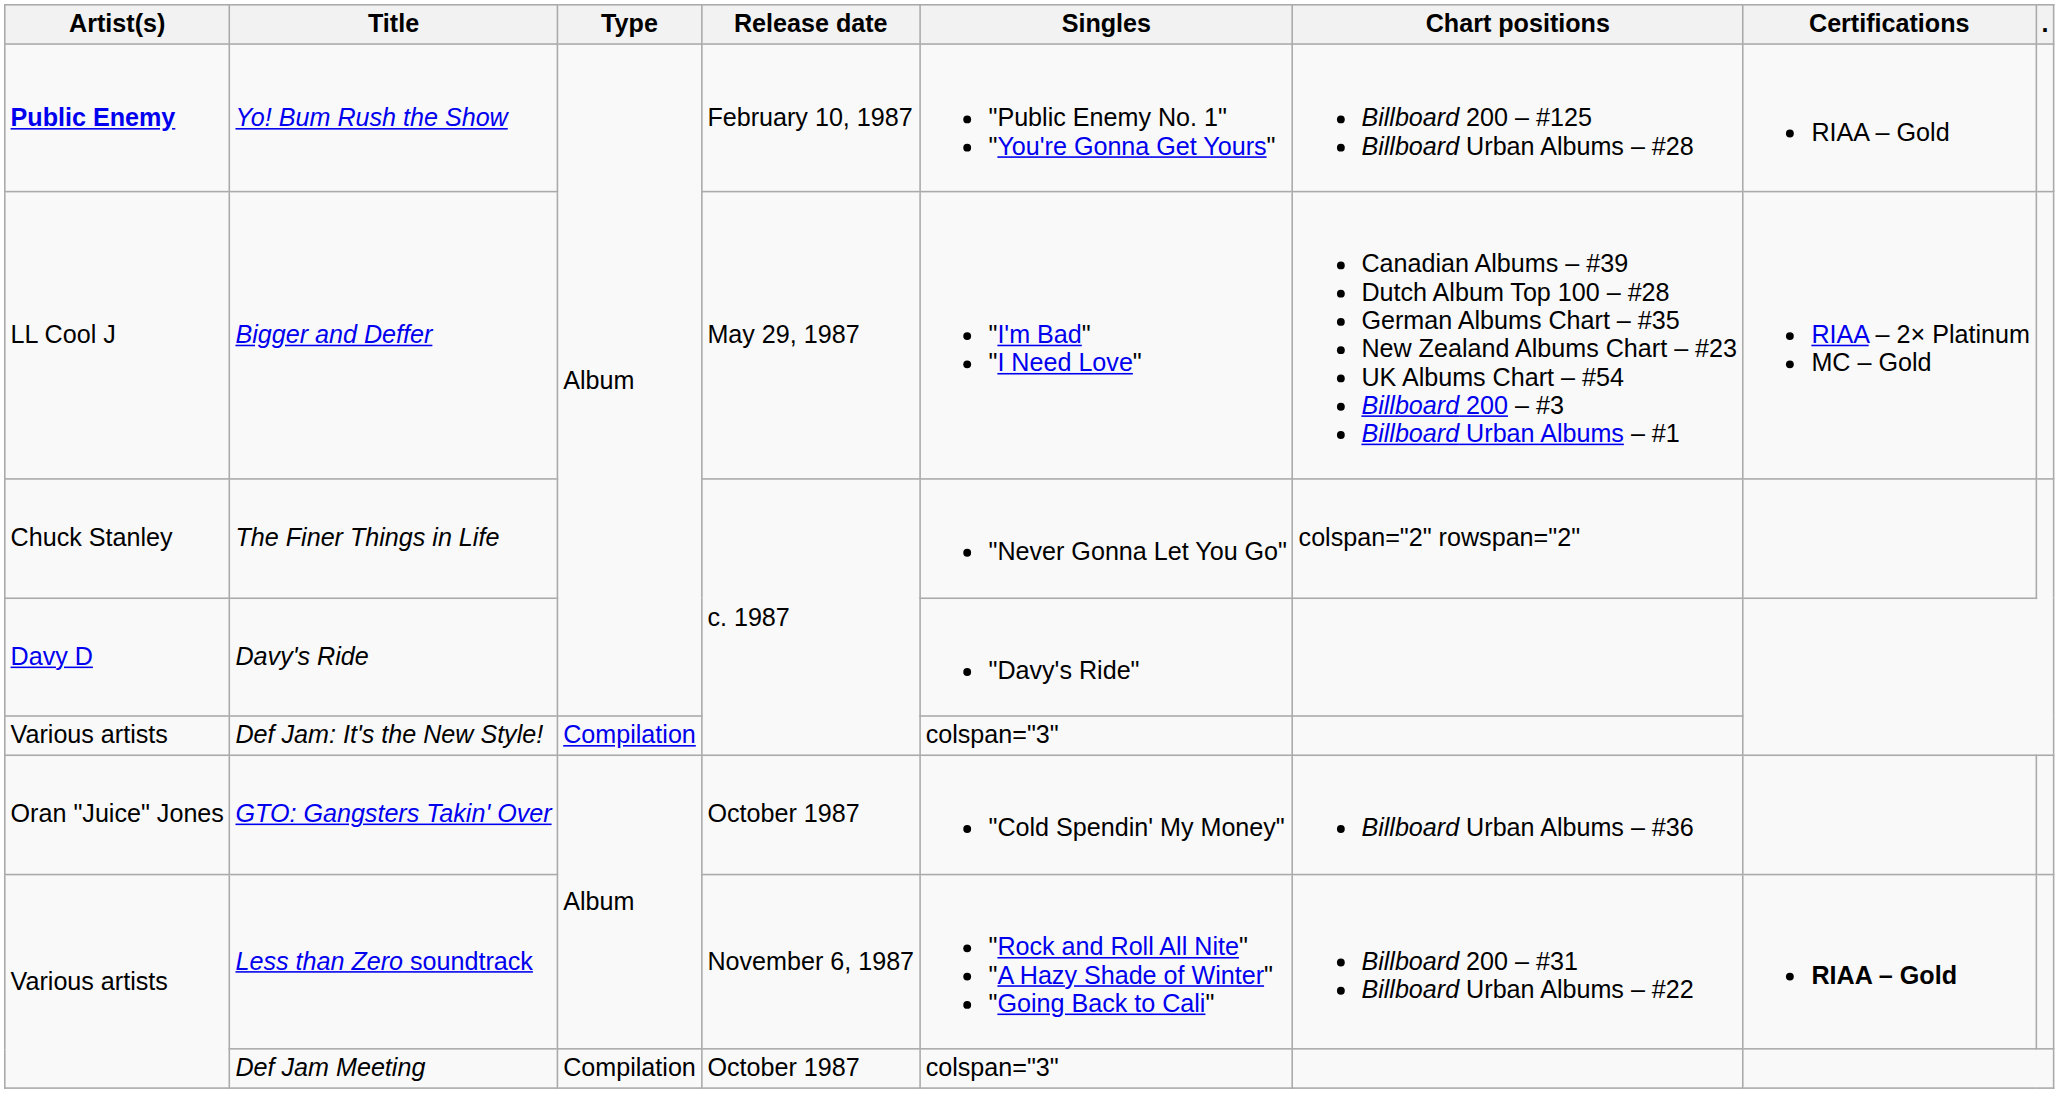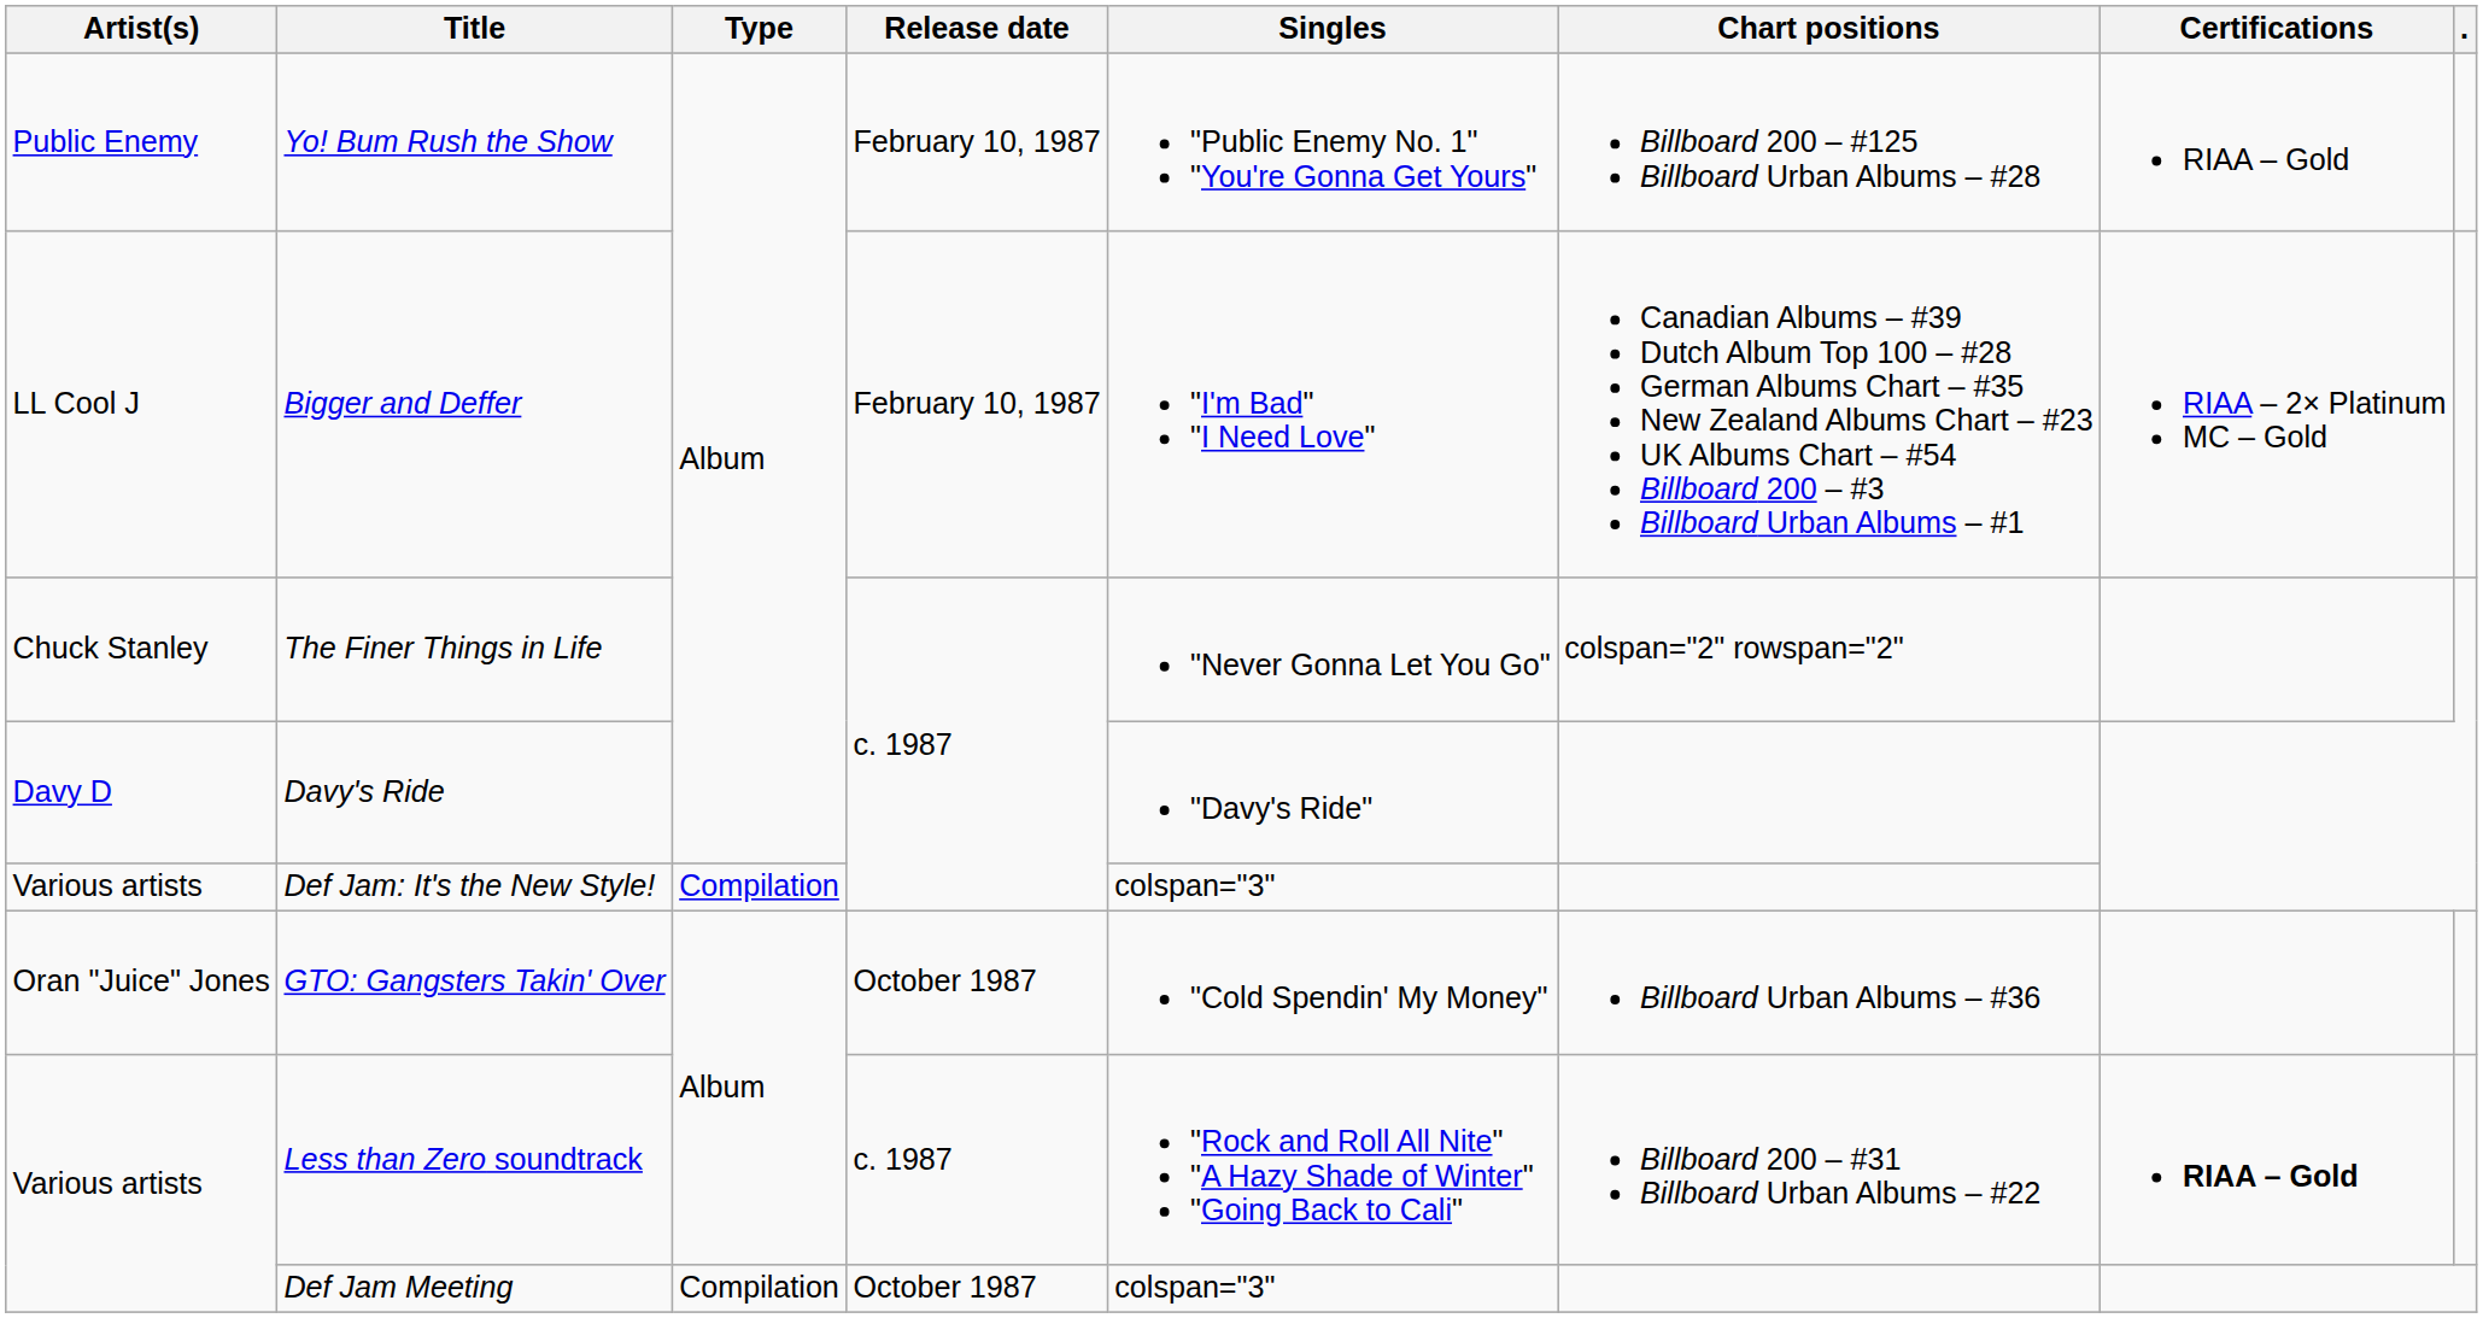 <table class="wikitable">
 <tr>
 <th>Artist(s)</th>
 <th>Title</th>
 <th>Type</th>
 <th>Release date</th>
 <th>Singles</th>
 <th>Chart positions</th>
 <th>Certifications</th>
 <th>.</th>
 </tr>
 <tr>
-<td><strong><a href='#'>Public Enemy</a></strong></td>
+<td><a href='#'>Public Enemy</a></td>
 <td><em><a href='#'>Yo! Bum Rush the Show</a></em></td>
 <td rowspan="4">Album</td>
 <td>February 10, 1987</td>
 <td><br><ul><li>"Public Enemy No. 1"</li><li>"<a href='#'>You're Gonna Get Yours</a>"</li></ul></td>
 <td><br><ul><li><em>Billboard</em> 200 – #125</li><li><em>Billboard</em> Urban Albums – #28</li></ul></td>
 <td><br><ul><li>RIAA – Gold</li></ul></td>
 <td></td>
 </tr>
 <tr>
 <td>LL Cool J</td>
 <td><em><a href='#'>Bigger and Deffer</a></em></td>
-<td>May 29, 1987</td>
+<td>February 10, 1987</td>
 <td><br><ul><li>"<a href='#'>I'm Bad</a>"</li><li>"<a href='#'>I Need Love</a>"</li></ul></td>
 <td><br><ul><li>Canadian Albums – #39</li><li>Dutch Album Top 100 – #28</li><li>German Albums Chart – #35</li><li>New Zealand Albums Chart – #23</li><li>UK Albums Chart – #54</li><li><a href='#'><em>Billboard</em> 200</a> – #3</li><li><a href='#'><em>Billboard</em> Urban Albums</a> – #1</li></ul></td>
 <td><br><ul><li><a href='#'>RIAA</a> – 2× Platinum</li><li>MC – Gold</li></ul></td>
 <td></td>
 </tr>
 <tr>
 <td>Chuck Stanley</td>
 <td><em>The Finer Things in Life</em></td>
 <td rowspan="3">c. 1987</td>
 <td><br><ul><li>"Never Gonna Let You Go"</li></ul></td>
 <td>colspan="2" rowspan="2" </td>
 <td></td>
 </tr>
 <tr>
 <td><a href='#'>Davy D</a></td>
 <td><em>Davy's Ride</em></td>
 <td><br><ul><li>"Davy's Ride"</li></ul></td>
 <td></td>
 </tr>
 <tr>
 <td>Various artists</td>
 <td><em>Def Jam: It's the New Style!</em></td>
 <td><a href='#'>Compilation</a></td>
 <td>colspan="3" </td>
 <td></td>
 </tr>
 <tr>
 <td>Oran "Juice" Jones</td>
 <td><em><a href='#'>GTO: Gangsters Takin' Over</a></em></td>
 <td rowspan="2">Album</td>
 <td>October 1987</td>
 <td><br><ul><li>"Cold Spendin' My Money"</li></ul></td>
 <td><br><ul><li><em>Billboard</em> Urban Albums – #36</li></ul></td>
 <td></td>
 <td></td>
 </tr>
 <tr>
 <td rowspan="2">Various artists</td>
 <td><a href='#'><em>Less than Zero</em> soundtrack</a></td>
-<td>November 6, 1987</td>
+<td>c. 1987</td>
 <td><br><ul><li>"<a href='#'>Rock and Roll All Nite</a>"</li><li>"<a href='#'>A Hazy Shade of Winter</a>"</li><li>"<a href='#'>Going Back to Cali</a>"</li></ul></td>
 <td><br><ul><li><em>Billboard</em> 200 – #31</li><li><em>Billboard</em> Urban Albums – #22</li></ul></td>
 <td><strong><br><ul><li>RIAA – Gold</li></ul></strong></td>
 <td></td>
 </tr>
 <tr>
 <td><em>Def Jam Meeting</em></td>
 <td>Compilation</td>
 <td>October 1987</td>
 <td>colspan="3" </td>
 <td></td>
 </tr>
 </table>
